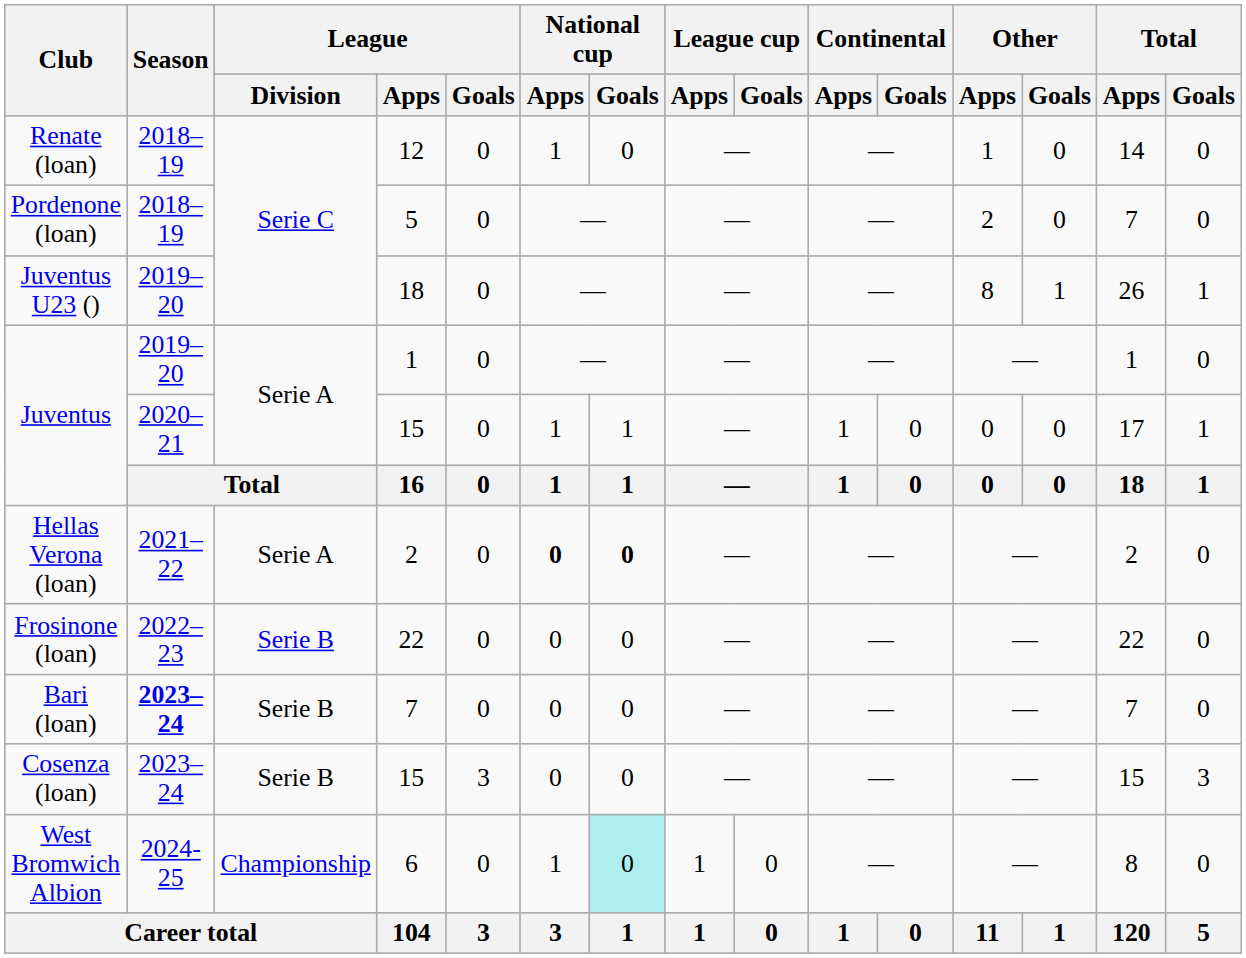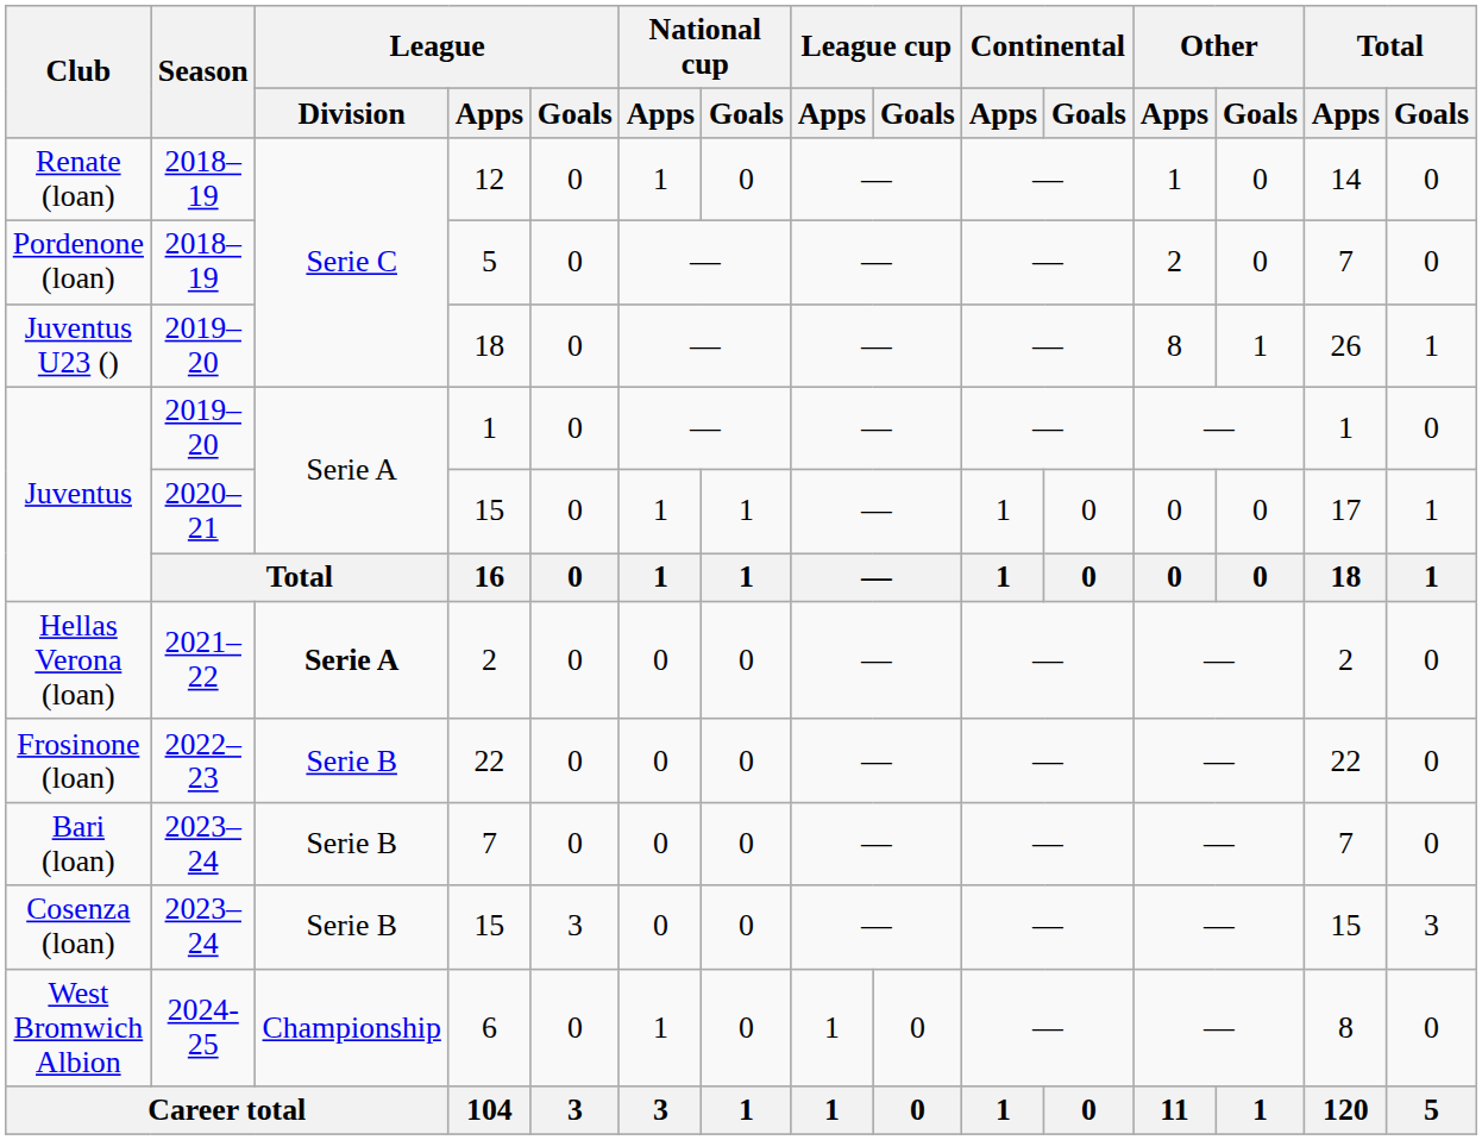 <table class="wikitable" style="text-align: center;">
 <tr>
 <th rowspan="2">Club</th>
 <th rowspan="2">Season</th>
 <th colspan="3">League</th>
 <th colspan="2">National cup</th>
 <th colspan="2">League cup</th>
 <th colspan="2">Continental</th>
 <th colspan="2">Other</th>
 <th colspan="2">Total</th>
 </tr>
 <tr>
 <th>Division</th>
 <th>Apps</th>
 <th>Goals</th>
 <th>Apps</th>
 <th>Goals</th>
 <th>Apps</th>
 <th>Goals</th>
 <th>Apps</th>
 <th>Goals</th>
 <th>Apps</th>
 <th>Goals</th>
 <th>Apps</th>
 <th>Goals</th>
 </tr>
 <tr>
 <td><a href='#'>Renate</a> (loan)</td>
 <td><a href='#'>2018–19</a></td>
 <td rowspan="3"><a href='#'>Serie C</a></td>
 <td>12</td>
 <td>0</td>
 <td>1</td>
 <td>0</td>
 <td colspan="2">—</td>
 <td colspan="2">—</td>
 <td>1</td>
 <td>0</td>
 <td>14</td>
 <td>0</td>
 </tr>
 <tr>
 <td><a href='#'>Pordenone</a> (loan)</td>
 <td><a href='#'>2018–19</a></td>
 <td>5</td>
 <td>0</td>
 <td colspan="2">—</td>
 <td colspan="2">—</td>
 <td colspan="2">—</td>
 <td>2</td>
 <td>0</td>
 <td>7</td>
 <td>0</td>
 </tr>
 <tr>
 <td><a href='#'>Juventus U23</a> ()</td>
 <td><a href='#'>2019–20</a></td>
 <td>18</td>
 <td>0</td>
 <td colspan="2">—</td>
 <td colspan="2">—</td>
 <td colspan="2">—</td>
 <td>8</td>
 <td>1</td>
 <td>26</td>
 <td>1</td>
 </tr>
 <tr>
 <td rowspan="3"><a href='#'>Juventus</a></td>
 <td><a href='#'>2019–20</a></td>
 <td rowspan="2">Serie A</td>
 <td>1</td>
 <td>0</td>
 <td colspan="2">—</td>
 <td colspan="2">—</td>
 <td colspan="2">—</td>
 <td colspan="2">—</td>
 <td>1</td>
 <td>0</td>
 </tr>
 <tr>
 <td><a href='#'>2020–21</a></td>
 <td>15</td>
 <td>0</td>
 <td>1</td>
 <td>1</td>
 <td colspan="2">—</td>
 <td>1</td>
 <td>0</td>
 <td>0</td>
 <td>0</td>
 <td>17</td>
 <td>1</td>
 </tr>
 <tr>
 <th colspan="2">Total</th>
 <th>16</th>
 <th>0</th>
 <th>1</th>
 <th>1</th>
 <th colspan="2">—</th>
 <th>1</th>
 <th>0</th>
 <th>0</th>
 <th>0</th>
 <th>18</th>
 <th>1</th>
 </tr>
 <tr>
 <td><a href='#'>Hellas Verona</a> (loan)</td>
 <td><a href='#'>2021–22</a></td>
-<td>Serie A</td>
+<td><strong>Serie A</strong></td>
 <td>2</td>
 <td>0</td>
-<td><strong>0</strong></td>
-<td><strong>0</strong></td>
+<td>0</td>
+<td>0</td>
 <td colspan="2">—</td>
 <td colspan="2">—</td>
 <td colspan="2">—</td>
 <td>2</td>
 <td>0</td>
 </tr>
 <tr>
 <td><a href='#'>Frosinone</a> (loan)</td>
 <td><a href='#'>2022–23</a></td>
 <td><a href='#'>Serie B</a></td>
 <td>22</td>
 <td>0</td>
 <td>0</td>
 <td>0</td>
 <td colspan="2">—</td>
 <td colspan="2">—</td>
 <td colspan="2">—</td>
 <td>22</td>
 <td>0</td>
 </tr>
 <tr>
 <td><a href='#'>Bari</a> (loan)</td>
-<td><strong><a href='#'>2023–24</a></strong></td>
+<td><a href='#'>2023–24</a></td>
 <td>Serie B</td>
 <td>7</td>
 <td>0</td>
 <td>0</td>
 <td>0</td>
 <td colspan="2">—</td>
 <td colspan="2">—</td>
 <td colspan="2">—</td>
 <td>7</td>
 <td>0</td>
 </tr>
 <tr>
 <td><a href='#'>Cosenza</a> (loan)</td>
 <td><a href='#'>2023–24</a></td>
 <td>Serie B</td>
 <td>15</td>
 <td>3</td>
 <td>0</td>
 <td>0</td>
 <td colspan="2">—</td>
 <td colspan="2">—</td>
 <td colspan="2">—</td>
 <td>15</td>
 <td>3</td>
 </tr>
 <tr>
 <td><a href='#'>West Bromwich Albion</a></td>
 <td><a href='#'>2024-25</a></td>
 <td><a href='#'>Championship</a></td>
 <td>6</td>
 <td>0</td>
 <td>1</td>
-<td style="background: paleturquoise;">0</td>
+<td>0</td>
 <td>1</td>
 <td>0</td>
 <td colspan="2">—</td>
 <td colspan="2">—</td>
 <td>8</td>
 <td>0</td>
 </tr>
 <tr>
 <th colspan="3">Career total</th>
 <th>104</th>
 <th>3</th>
 <th>3</th>
 <th>1</th>
 <th>1</th>
 <th>0</th>
 <th>1</th>
 <th>0</th>
 <th>11</th>
 <th>1</th>
 <th>120</th>
 <th>5</th>
 </tr>
 </table>
